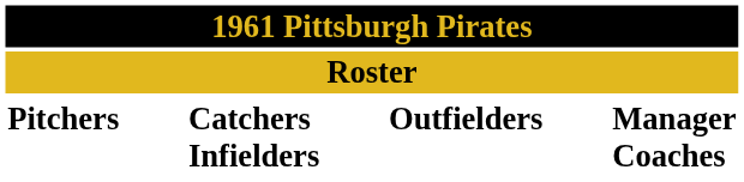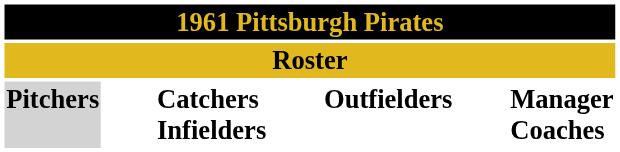 <table class="toccolours" style="font-size: 95%;">
 <tr>
 <th colspan="10" style="background-color: black; color: #e1b81e; text-align: center;">1961 Pittsburgh Pirates</th>
 </tr>
 <tr>
 <td colspan="10" style="background-color: #e1b81e; color: black; text-align: center;"><strong>Roster</strong></td>
 </tr>
 <tr>
-<td valign="top"><strong>Pitchers</strong><br>                </td>
+<td valign="top" style="background: lightgrey;"><strong>Pitchers</strong><br>                </td>
 <td width="25px"></td>
 <td valign="top"><strong>Catchers</strong><br>    <strong>Infielders</strong>        </td>
 <td width="25px"></td>
 <td valign="top"><strong>Outfielders</strong><br>       </td>
 <td width="25px"></td>
 <td valign="top"><strong>Manager</strong><br> <strong>Coaches</strong>     </td>
 </tr>
 </table>
